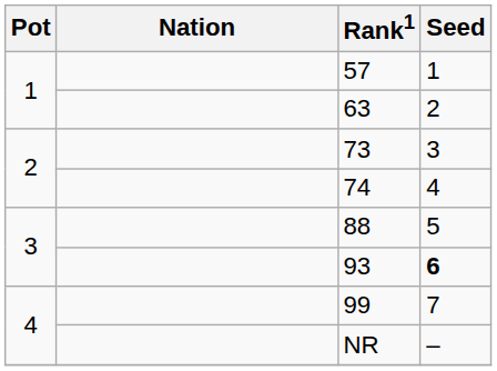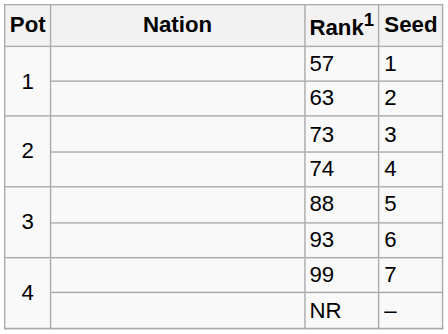 <table class="wikitable">
 <tr>
 <th>Pot</th>
 <th width="175">Nation</th>
 <th>Rank<sup>1</sup></th>
 <th>Seed</th>
 </tr>
 <tr>
 <td rowspan=2 style="text-align:center;">1</td>
 <td></td>
 <td>57</td>
 <td>1</td>
 </tr>
 <tr>
 <td></td>
 <td>63</td>
 <td>2</td>
 </tr>
 <tr>
 <td rowspan=2 style="text-align:center;">2</td>
 <td></td>
 <td>73</td>
 <td>3</td>
 </tr>
 <tr>
 <td></td>
 <td>74</td>
 <td>4</td>
 </tr>
 <tr>
 <td rowspan=2 style="text-align:center;">3</td>
 <td></td>
 <td>88</td>
 <td>5</td>
 </tr>
 <tr>
 <td></td>
 <td>93</td>
-<td><strong>6</strong></td>
+<td>6</td>
 </tr>
 <tr>
 <td rowspan=2 style="text-align:center;">4</td>
 <td></td>
 <td>99</td>
 <td>7</td>
 </tr>
 <tr>
 <td></td>
 <td>NR</td>
 <td>–</td>
 </tr>
 <tr>
 </tr>
 </table>
